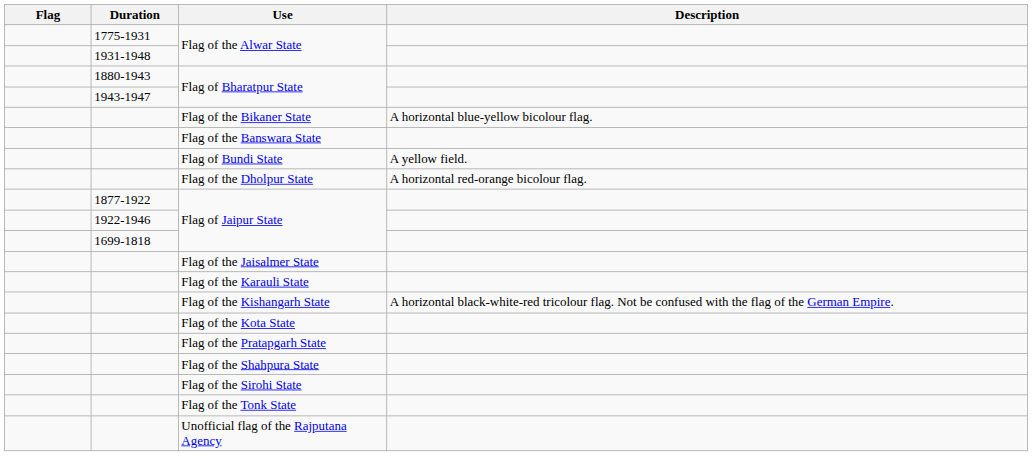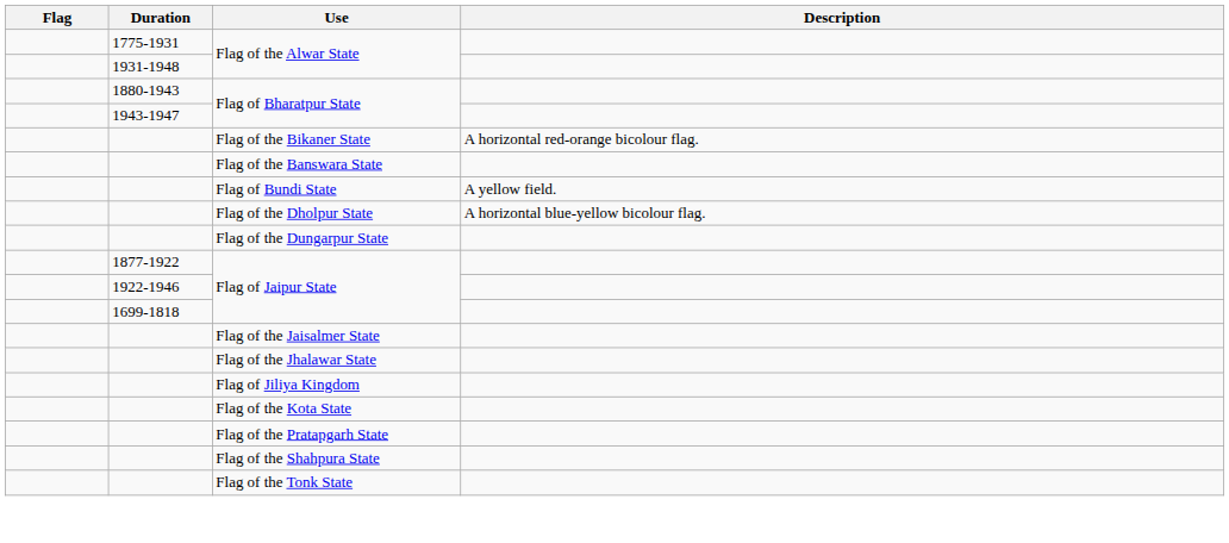 <table class="wikitable" width="100%">
 <tr>
 <th style="width:100px;">Flag</th>
 <th style="width:100px;">Duration</th>
 <th style="width:250px;">Use</th>
 <th style="min-width:250px">Description</th>
 </tr>
 <tr>
 <td></td>
 <td>1775-1931</td>
 <td rowspan="2">Flag of the <a href='#'>Alwar State</a></td>
 <td></td>
 </tr>
 <tr>
 <td></td>
 <td>1931-1948</td>
 <td></td>
 </tr>
 <tr>
 <td></td>
 <td>1880-1943</td>
 <td rowspan="2">Flag of <a href='#'>Bharatpur State</a></td>
 <td></td>
 </tr>
 <tr>
 <td></td>
 <td>1943-1947</td>
 <td></td>
 </tr>
 <tr>
 <td></td>
 <td></td>
 <td>Flag of the <a href='#'>Bikaner State</a></td>
-<td>A horizontal blue-yellow bicolour flag.</td>
+<td>A horizontal red-orange bicolour flag.</td>
 </tr>
 <tr>
 <td></td>
 <td></td>
 <td>Flag of the <a href='#'>Banswara State</a></td>
 <td></td>
 </tr>
 <tr>
 <td></td>
 <td></td>
 <td>Flag of <a href='#'>Bundi State</a></td>
 <td>A yellow field.</td>
 </tr>
 <tr>
 <td></td>
 <td></td>
 <td>Flag of the <a href='#'>Dholpur State</a></td>
-<td>A horizontal red-orange bicolour flag.</td>
+<td>A horizontal blue-yellow bicolour flag.</td>
+</tr>
+<tr>
+<td></td>
+<td></td>
+<td>Flag of the <a href='#'>Dungarpur State</a></td>
+<td></td>
 </tr>
 <tr>
 <td></td>
 <td>1877-1922</td>
 <td rowspan="3">Flag of <a href='#'>Jaipur State</a></td>
 <td></td>
 </tr>
 <tr>
 <td></td>
 <td>1922-1946</td>
 <td></td>
 </tr>
 <tr>
 <td></td>
 <td>1699-1818</td>
 <td></td>
 </tr>
 <tr>
 <td></td>
 <td></td>
 <td>Flag of the <a href='#'>Jaisalmer State</a></td>
 <td></td>
 </tr>
 <tr>
 <td></td>
 <td></td>
-<td>Flag of the <a href='#'>Karauli State</a></td>
+<td>Flag of the <a href='#'>Jhalawar State</a></td>
 <td></td>
 </tr>
 <tr>
 <td></td>
 <td></td>
-<td>Flag of the <a href='#'>Kishangarh State</a></td>
-<td>A horizontal black-white-red tricolour flag. Not be confused with the flag of the <a href='#'>German Empire</a>.</td>
+<td>Flag of <a href='#'>Jiliya Kingdom</a></td>
+<td></td>
 </tr>
 <tr>
 <td></td>
 <td></td>
 <td>Flag of the <a href='#'>Kota State</a></td>
 <td></td>
 </tr>
 <tr>
 <td></td>
 <td></td>
 <td>Flag of the <a href='#'>Pratapgarh State</a></td>
 <td></td>
 </tr>
 <tr>
 <td></td>
 <td></td>
 <td>Flag of the <a href='#'>Shahpura State</a></td>
 <td></td>
 </tr>
 <tr>
 <td></td>
 <td></td>
-<td>Flag of the <a href='#'>Sirohi State</a></td>
-<td></td>
-</tr>
-<tr>
-<td></td>
-<td></td>
 <td>Flag of the <a href='#'>Tonk State</a></td>
 <td></td>
 </tr>
-<tr>
-<td></td>
-<td></td>
-<td>Unofficial flag of the <a href='#'>Rajputana Agency</a></td>
-<td></td>
-</tr>
 </table>
